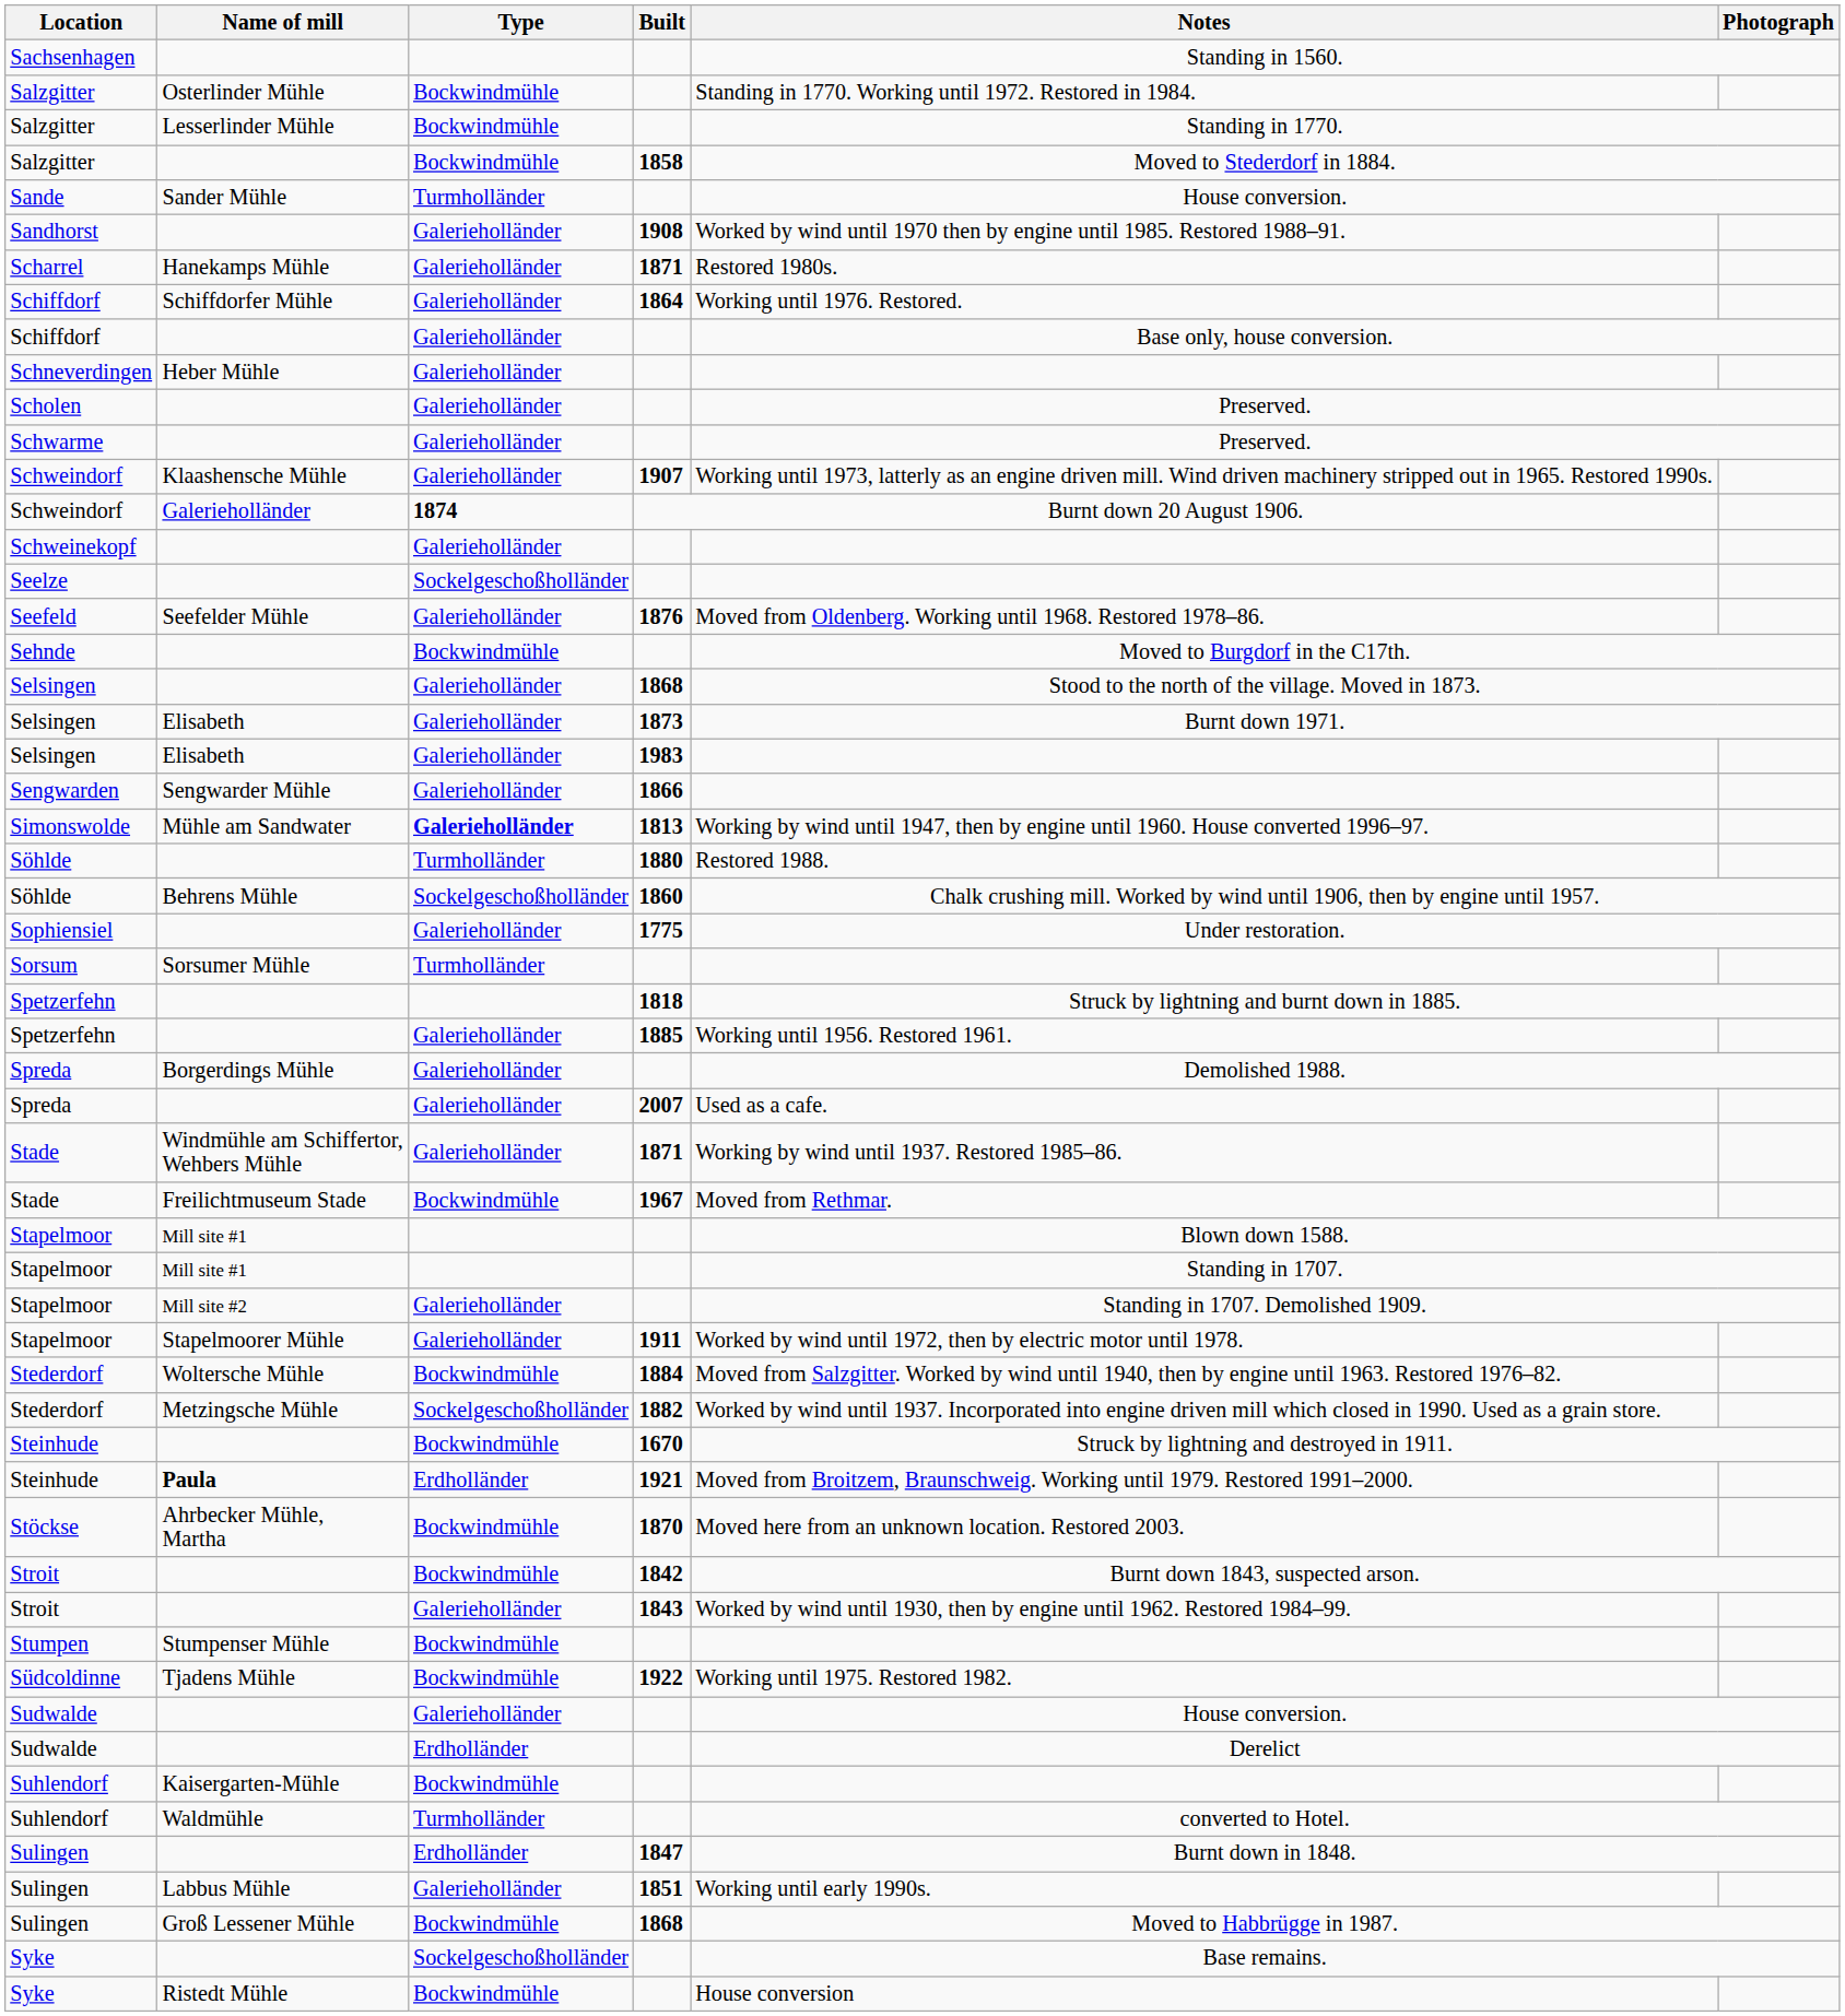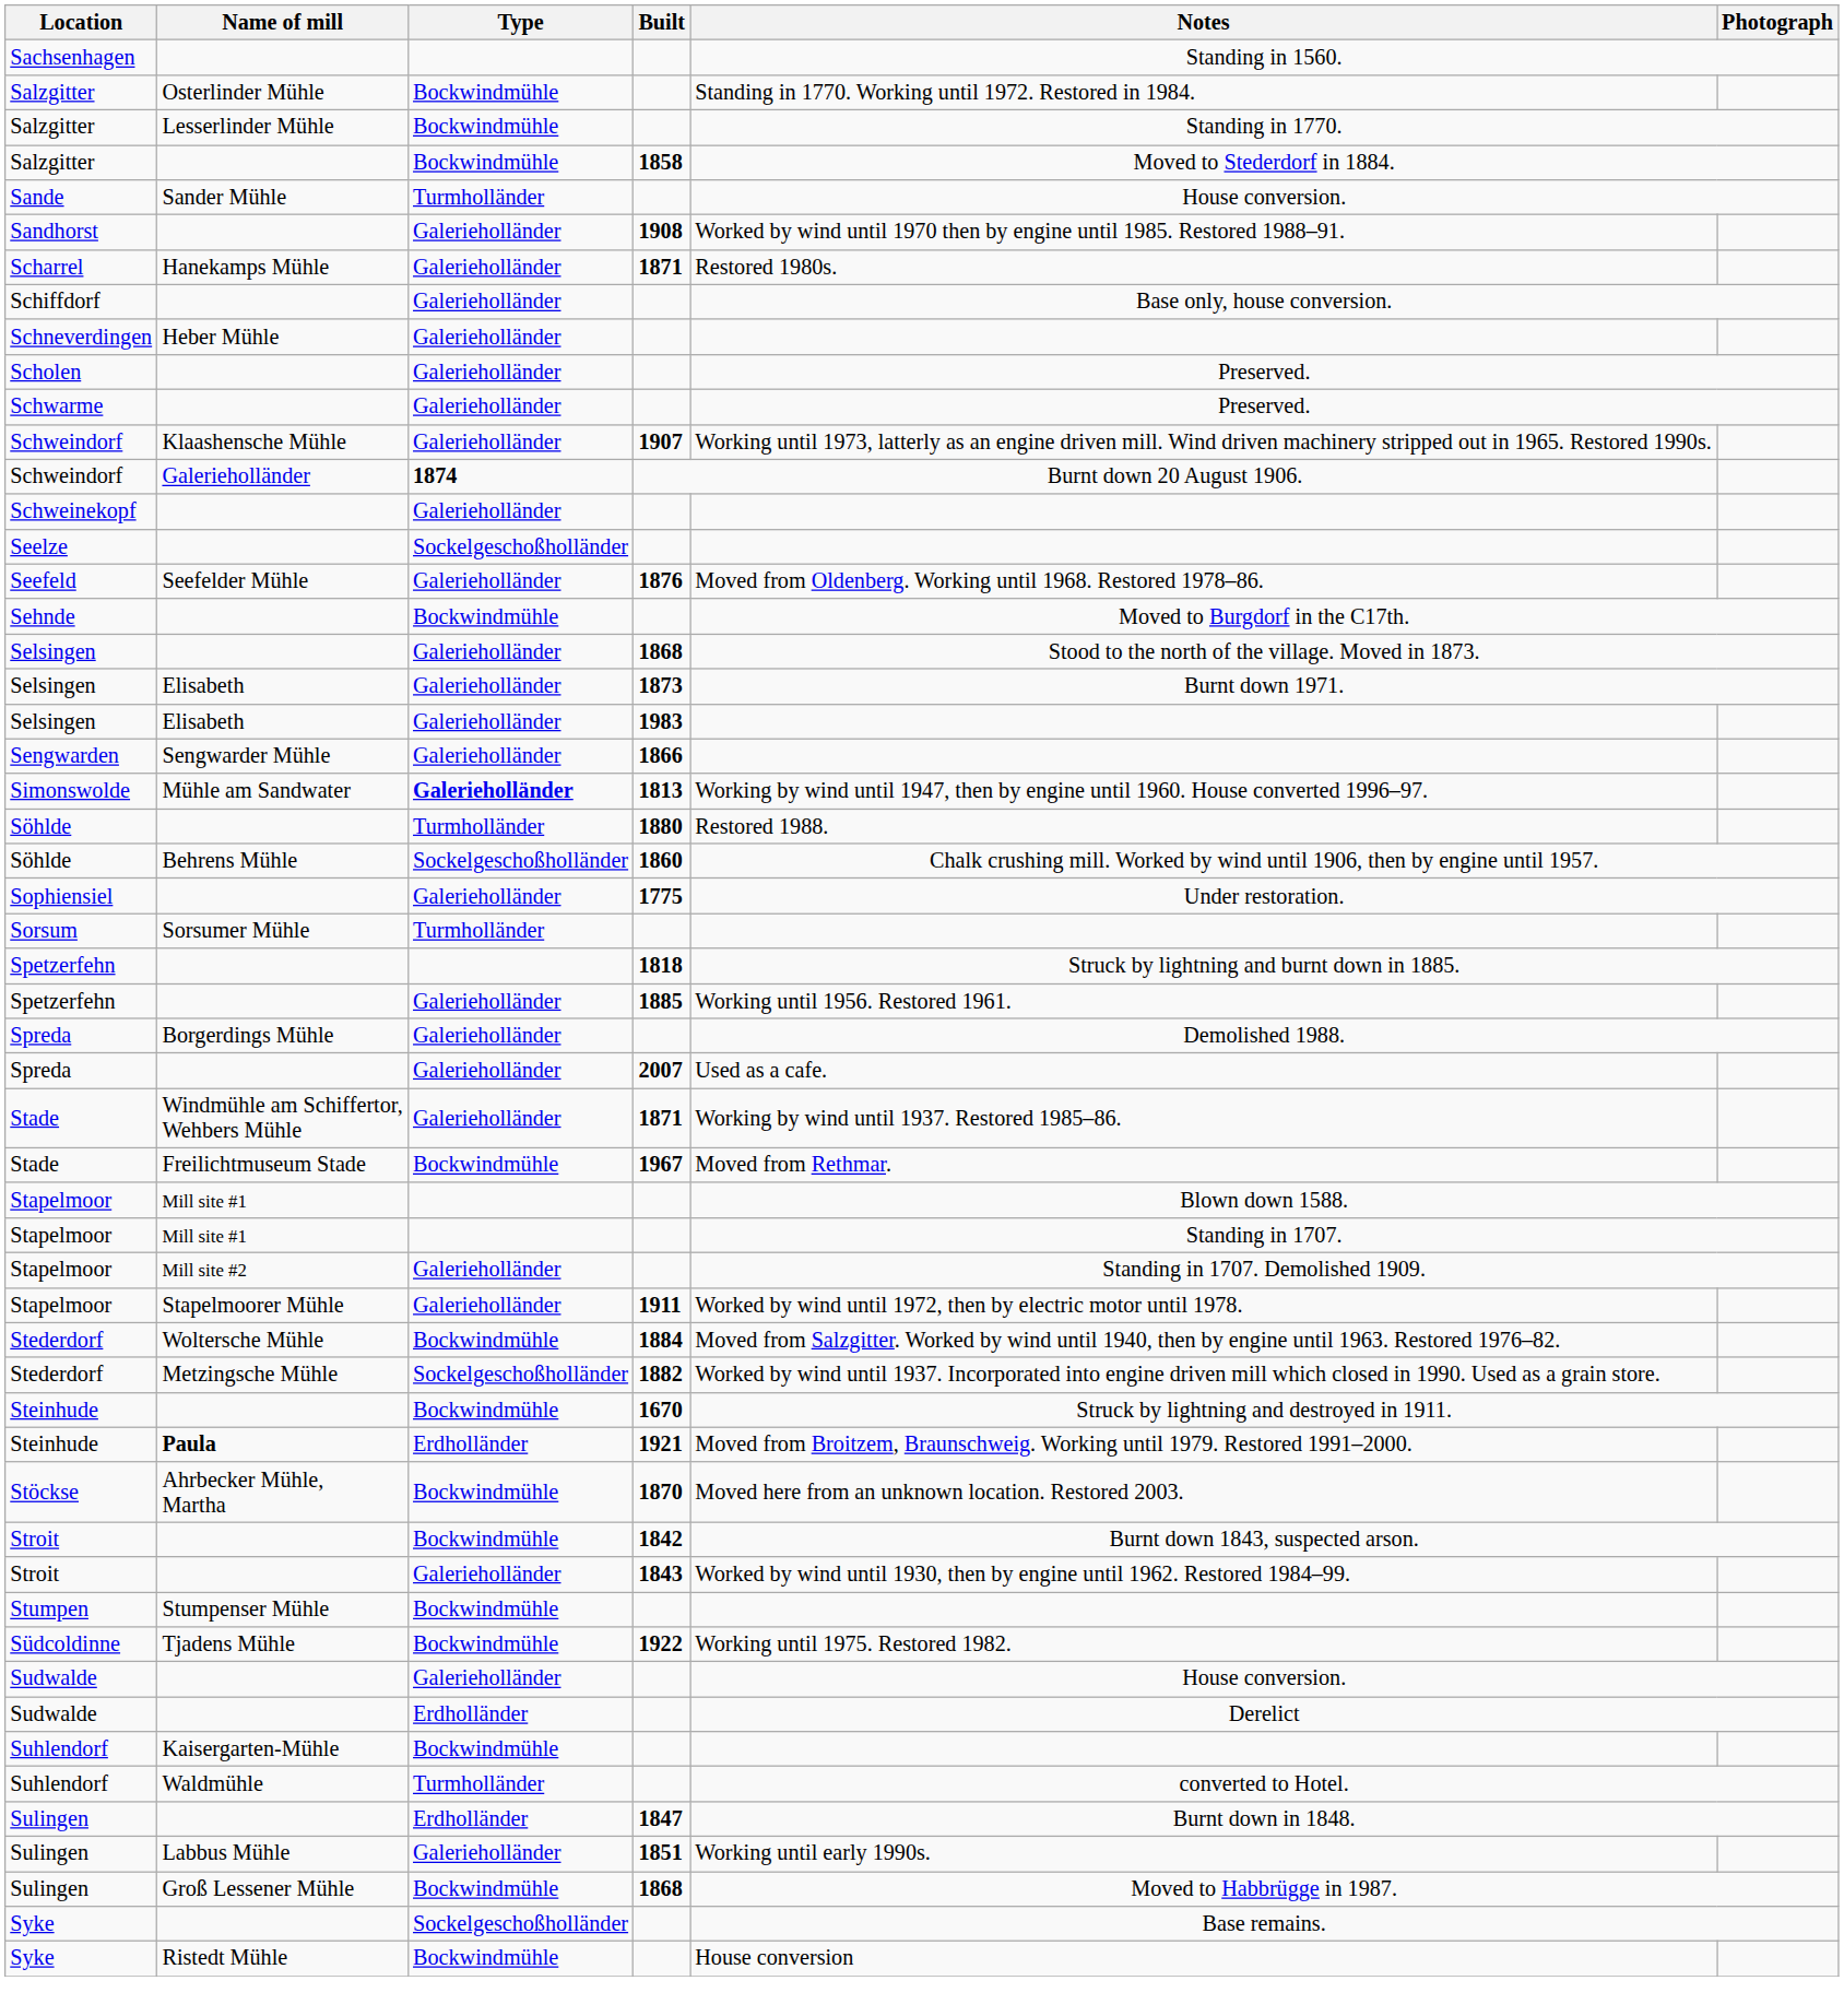 <table class="wikitable sortable">
 <tr>
 <th>Location</th>
 <th>Name of mill</th>
 <th>Type</th>
 <th>Built</th>
 <th class="unsortable">Notes</th>
 <th class="unsortable">Photograph</th>
 </tr>
 <tr>
 <td><a href='#'>Sachsenhagen</a></td>
 <td></td>
 <td></td>
 <td></td>
 <td colspan="2" style="text-align:center;">Standing in 1560.</td>
 </tr>
 <tr>
 <td><a href='#'>Salzgitter</a></td>
 <td>Osterlinder Mühle</td>
 <td><a href='#'>Bockwindmühle</a></td>
 <td></td>
 <td>Standing in 1770. Working until 1972. Restored in 1984.</td>
 <td></td>
 </tr>
 <tr>
 <td>Salzgitter</td>
 <td>Lesserlinder Mühle</td>
 <td><a href='#'>Bockwindmühle</a></td>
 <td></td>
 <td colspan="2" style="text-align:center;">Standing in 1770.</td>
 </tr>
 <tr>
 <td>Salzgitter</td>
 <td></td>
 <td><a href='#'>Bockwindmühle</a></td>
 <td><strong>1858</strong></td>
 <td colspan="2" style="text-align:center;">Moved to <a href='#'>Stederdorf</a> in 1884.</td>
 </tr>
 <tr>
 <td><a href='#'>Sande</a></td>
 <td>Sander Mühle</td>
 <td><a href='#'>Turmholländer</a></td>
 <td></td>
 <td colspan="2" style="text-align:center;">House conversion.</td>
 </tr>
 <tr>
 <td><a href='#'>Sandhorst</a></td>
 <td></td>
 <td><a href='#'>Galerieholländer</a></td>
 <td><strong>1908</strong></td>
 <td>Worked by wind until 1970 then by engine until 1985. Restored 1988–91.</td>
 <td></td>
 </tr>
 <tr>
 <td><a href='#'>Scharrel</a></td>
 <td>Hanekamps Mühle</td>
 <td><a href='#'>Galerieholländer</a></td>
 <td><strong>1871</strong></td>
 <td>Restored 1980s.</td>
-<td></td>
-</tr>
-<tr>
-<td><a href='#'>Schiffdorf</a></td>
-<td>Schiffdorfer Mühle</td>
-<td><a href='#'>Galerieholländer</a></td>
-<td><strong>1864</strong></td>
-<td>Working until 1976. Restored.</td>
 <td></td>
 </tr>
 <tr>
 <td>Schiffdorf</td>
 <td></td>
 <td><a href='#'>Galerieholländer</a></td>
 <td></td>
 <td colspan="2" style="text-align:center;">Base only, house conversion.</td>
 </tr>
 <tr>
 <td><a href='#'>Schneverdingen</a></td>
 <td>Heber Mühle</td>
 <td><a href='#'>Galerieholländer</a></td>
 <td></td>
 <td></td>
 <td></td>
 </tr>
 <tr>
 <td><a href='#'>Scholen</a></td>
 <td></td>
 <td><a href='#'>Galerieholländer</a></td>
 <td></td>
 <td colspan="2" style="text-align:center;">Preserved.</td>
 </tr>
 <tr>
 <td><a href='#'>Schwarme</a></td>
 <td></td>
 <td><a href='#'>Galerieholländer</a></td>
 <td></td>
 <td colspan="2" style="text-align:center;">Preserved.</td>
 </tr>
 <tr>
 <td><a href='#'>Schweindorf</a></td>
 <td>Klaashensche Mühle</td>
 <td><a href='#'>Galerieholländer</a></td>
 <td><strong>1907</strong></td>
 <td>Working until 1973, latterly as an engine driven mill. Wind driven machinery stripped out in 1965. Restored 1990s.</td>
 <td></td>
 </tr>
 <tr>
 <td>Schweindorf</td>
 <td><a href='#'>Galerieholländer</a></td>
 <td><strong>1874</strong></td>
 <td colspan="2" style="text-align:center;">Burnt down 20 August 1906.</td>
 </tr>
 <tr>
 <td><a href='#'>Schweinekopf</a></td>
 <td></td>
 <td><a href='#'>Galerieholländer</a></td>
 <td></td>
 <td></td>
 <td></td>
 </tr>
 <tr>
 <td><a href='#'>Seelze</a></td>
 <td></td>
 <td><a href='#'>Sockelgeschoß­holländer</a></td>
 <td></td>
 <td></td>
 <td></td>
 </tr>
 <tr>
 <td><a href='#'>Seefeld</a></td>
 <td>Seefelder Mühle</td>
 <td><a href='#'>Galerieholländer</a></td>
 <td><strong>1876</strong></td>
 <td>Moved from <a href='#'>Oldenberg</a>. Working until 1968. Restored 1978–86.</td>
 <td></td>
 </tr>
 <tr>
 <td><a href='#'>Sehnde</a></td>
 <td></td>
 <td><a href='#'>Bockwindmühle</a></td>
 <td></td>
 <td colspan="2" style="text-align:center;">Moved to <a href='#'>Burgdorf</a> in the C17th.</td>
 </tr>
 <tr>
 <td><a href='#'>Selsingen</a></td>
 <td></td>
 <td><a href='#'>Galerieholländer</a></td>
 <td><strong>1868</strong></td>
 <td colspan="2" style="text-align:center;">Stood to the north of the village. Moved in 1873.</td>
 </tr>
 <tr>
 <td>Selsingen</td>
 <td>Elisabeth</td>
 <td><a href='#'>Galerieholländer</a></td>
 <td><strong>1873</strong></td>
 <td colspan="2" style="text-align:center;">Burnt down 1971.</td>
 </tr>
 <tr>
 <td>Selsingen</td>
 <td>Elisabeth</td>
 <td><a href='#'>Galerieholländer</a></td>
 <td><strong>1983</strong></td>
 <td></td>
 <td></td>
 </tr>
 <tr>
 <td><a href='#'>Sengwarden</a></td>
 <td>Sengwarder Mühle</td>
 <td><a href='#'>Galerieholländer</a></td>
 <td><strong>1866</strong></td>
 <td></td>
 <td></td>
 </tr>
 <tr>
 <td><a href='#'>Simonswolde</a></td>
 <td>Mühle am Sandwater</td>
 <td><strong><a href='#'>Galerieholländer</a></strong></td>
 <td><strong>1813</strong></td>
 <td>Working by wind until 1947, then by engine until 1960. House converted 1996–97.</td>
 <td></td>
 </tr>
 <tr>
 <td><a href='#'>Söhlde</a></td>
 <td></td>
 <td><a href='#'>Turmholländer</a></td>
 <td><strong>1880</strong></td>
 <td>Restored 1988.</td>
 <td></td>
 </tr>
 <tr>
 <td>Söhlde</td>
 <td>Behrens Mühle</td>
 <td><a href='#'>Sockelgeschoß­holländer</a></td>
 <td><strong>1860</strong></td>
 <td colspan="2" style="text-align:center;">Chalk crushing mill. Worked by wind until 1906, then by engine until 1957.</td>
 </tr>
 <tr>
 <td><a href='#'>Sophiensiel</a></td>
 <td></td>
 <td><a href='#'>Galerieholländer</a></td>
 <td><strong>1775</strong></td>
 <td colspan="2" style="text-align:center;">Under restoration.</td>
 </tr>
 <tr>
 <td><a href='#'>Sorsum</a></td>
 <td>Sorsumer Mühle</td>
 <td><a href='#'>Turmholländer</a></td>
 <td></td>
 <td></td>
 <td></td>
 </tr>
 <tr>
 <td><a href='#'>Spetzerfehn</a></td>
 <td></td>
 <td></td>
 <td><strong>1818</strong></td>
 <td colspan="2" style="text-align:center;">Struck by lightning and burnt down in 1885.</td>
 </tr>
 <tr>
 <td>Spetzerfehn</td>
 <td></td>
 <td><a href='#'>Galerieholländer</a></td>
 <td><strong>1885</strong></td>
 <td>Working until 1956. Restored 1961.</td>
 <td></td>
 </tr>
 <tr>
 <td><a href='#'>Spreda</a></td>
 <td>Borgerdings Mühle</td>
 <td><a href='#'>Galerieholländer</a></td>
 <td></td>
 <td colspan="2" style="text-align:center;">Demolished 1988.</td>
 </tr>
 <tr>
 <td>Spreda</td>
 <td></td>
 <td><a href='#'>Galerieholländer</a></td>
 <td><strong>2007</strong></td>
 <td>Used as a cafe.</td>
 <td></td>
 </tr>
 <tr>
 <td><a href='#'>Stade</a></td>
 <td>Windmühle am Schiffertor,<br>Wehbers Mühle</td>
 <td><a href='#'>Galerieholländer</a></td>
 <td><strong>1871</strong></td>
 <td>Working by wind until 1937. Restored 1985–86.</td>
 <td></td>
 </tr>
 <tr>
 <td>Stade</td>
 <td>Freilichtmuseum Stade</td>
 <td><a href='#'>Bockwindmühle</a></td>
 <td><strong>1967</strong></td>
 <td>Moved from <a href='#'>Rethmar</a>.</td>
 <td></td>
 </tr>
 <tr>
 <td><a href='#'>Stapelmoor</a></td>
 <td><small>Mill site #1</small></td>
 <td></td>
 <td></td>
 <td colspan="2" style="text-align:center;">Blown down 1588.</td>
 </tr>
 <tr>
 <td>Stapelmoor</td>
 <td><small>Mill site #1</small></td>
 <td></td>
 <td></td>
 <td colspan="2" style="text-align:center;">Standing in 1707.</td>
 </tr>
 <tr>
 <td>Stapelmoor</td>
 <td><small>Mill site #2</small></td>
 <td><a href='#'>Galerieholländer</a></td>
 <td></td>
 <td colspan="2" style="text-align:center;">Standing in 1707. Demolished 1909.</td>
 </tr>
 <tr>
 <td>Stapelmoor</td>
 <td>Stapelmoorer Mühle</td>
 <td><a href='#'>Galerieholländer</a></td>
 <td><strong>1911</strong></td>
 <td>Worked by wind until 1972, then by electric motor until 1978.</td>
 <td></td>
 </tr>
 <tr>
 <td><a href='#'>Stederdorf</a></td>
 <td>Woltersche Mühle</td>
 <td><a href='#'>Bockwindmühle</a></td>
 <td><strong>1884</strong></td>
 <td>Moved from <a href='#'>Salzgitter</a>. Worked by wind until 1940, then by engine until 1963. Restored 1976–82.</td>
 <td></td>
 </tr>
 <tr>
 <td>Stederdorf</td>
 <td>Metzingsche Mühle</td>
 <td><a href='#'>Sockelgeschoß­holländer</a></td>
 <td><strong>1882</strong></td>
 <td>Worked by wind until 1937. Incorporated into engine driven mill which closed in 1990. Used as a grain store.</td>
 <td></td>
 </tr>
 <tr>
 <td><a href='#'>Steinhude</a></td>
 <td></td>
 <td><a href='#'>Bockwindmühle</a></td>
 <td><strong>1670</strong></td>
 <td colspan="2" style="text-align:center;">Struck by lightning and destroyed in 1911.</td>
 </tr>
 <tr>
 <td>Steinhude</td>
 <td><strong>Paula</strong></td>
 <td><a href='#'>Erdholländer</a></td>
 <td><strong>1921</strong></td>
 <td>Moved from <a href='#'>Broitzem</a>, <a href='#'>Braunschweig</a>. Working until 1979. Restored 1991–2000.</td>
 <td></td>
 </tr>
 <tr>
 <td><a href='#'>Stöckse</a></td>
 <td>Ahrbecker Mühle,<br>Martha</td>
 <td><a href='#'>Bockwindmühle</a></td>
 <td><strong>1870</strong></td>
 <td>Moved here from an unknown location. Restored 2003.</td>
 <td></td>
 </tr>
 <tr>
 <td><a href='#'>Stroit</a></td>
 <td></td>
 <td><a href='#'>Bockwindmühle</a></td>
 <td><strong>1842</strong></td>
 <td colspan="2" style="text-align:center;">Burnt down 1843, suspected arson.</td>
 </tr>
 <tr>
 <td>Stroit</td>
 <td></td>
 <td><a href='#'>Galerieholländer</a></td>
 <td><strong>1843</strong></td>
 <td>Worked by wind until 1930, then by engine until 1962. Restored 1984–99.</td>
 <td></td>
 </tr>
 <tr>
 <td><a href='#'>Stumpen</a></td>
 <td>Stumpenser Mühle</td>
 <td><a href='#'>Bockwindmühle</a></td>
 <td></td>
 <td></td>
 <td></td>
 </tr>
 <tr>
 <td><a href='#'>Südcoldinne</a></td>
 <td>Tjadens Mühle</td>
 <td><a href='#'>Bockwindmühle</a></td>
 <td><strong>1922</strong></td>
 <td>Working until 1975. Restored 1982.</td>
 <td></td>
 </tr>
 <tr>
 <td><a href='#'>Sudwalde</a></td>
 <td></td>
 <td><a href='#'>Galerieholländer</a></td>
 <td></td>
 <td colspan="2" style="text-align:center;">House conversion.</td>
 </tr>
 <tr>
 <td>Sudwalde</td>
 <td></td>
 <td><a href='#'>Erdholländer</a></td>
 <td></td>
 <td colspan="2" style="text-align:center;">Derelict</td>
 </tr>
 <tr>
 <td><a href='#'>Suhlendorf</a></td>
 <td>Kaisergarten-Mühle</td>
 <td><a href='#'>Bockwindmühle</a></td>
 <td></td>
 <td></td>
 <td></td>
 </tr>
 <tr>
 <td>Suhlendorf</td>
 <td>Waldmühle</td>
 <td><a href='#'>Turmholländer</a></td>
 <td></td>
 <td colspan="2" style="text-align:center;">converted to Hotel.</td>
 </tr>
 <tr>
 <td><a href='#'>Sulingen</a></td>
 <td></td>
 <td><a href='#'>Erdholländer</a></td>
 <td><strong>1847</strong> </td>
 <td colspan="2" style="text-align:center;">Burnt down in 1848.</td>
 </tr>
 <tr>
 <td>Sulingen</td>
 <td>Labbus Mühle</td>
 <td><a href='#'>Galerieholländer</a></td>
 <td><strong>1851</strong></td>
 <td>Working until early 1990s.</td>
 <td></td>
 </tr>
 <tr>
 <td>Sulingen</td>
 <td>Groß Lessener Mühle</td>
 <td><a href='#'>Bockwindmühle</a></td>
 <td><strong>1868</strong></td>
 <td colspan="2" style="text-align:center;">Moved to <a href='#'>Habbrügge</a> in 1987.</td>
 </tr>
 <tr>
 <td><a href='#'>Syke</a></td>
 <td></td>
 <td><a href='#'>Sockelgeschoß­holländer</a></td>
 <td></td>
 <td colspan="2" style="text-align:center;">Base remains.</td>
 </tr>
 <tr>
 <td><a href='#'>Syke</a></td>
 <td>Ristedt Mühle</td>
 <td><a href='#'>Bockwindmühle</a></td>
 <td></td>
 <td>House conversion</td>
 <td></td>
 </tr>
 </table>
